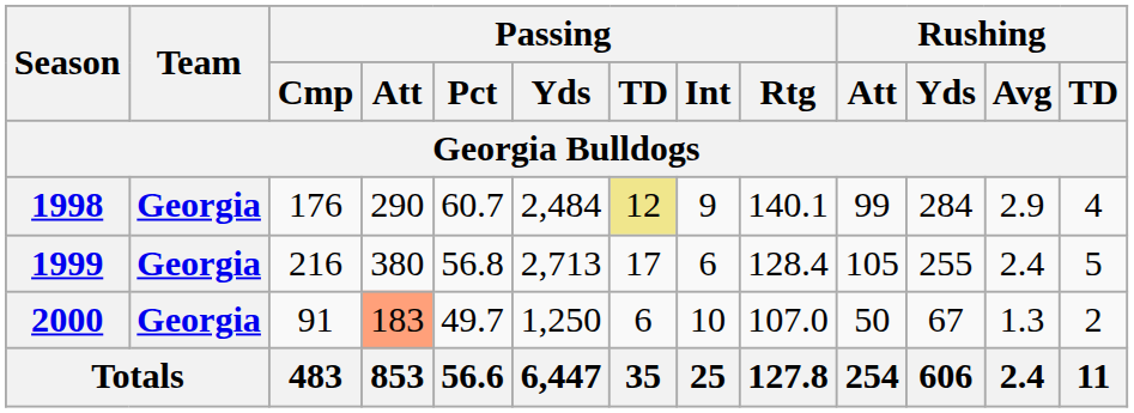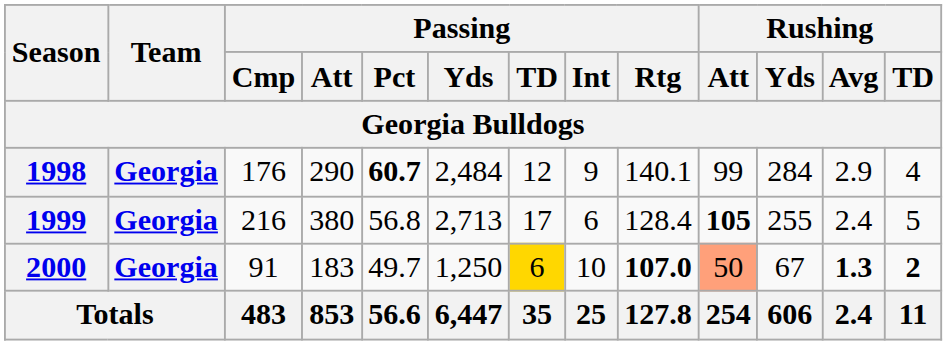 <table class=wikitable style="text-align:center;">
 <tr>
 <th rowspan="2">Season</th>
 <th rowspan="2">Team</th>
 <th colspan="7">Passing</th>
 <th colspan="4">Rushing</th>
 </tr>
 <tr>
 <th>Cmp</th>
 <th>Att</th>
 <th>Pct</th>
 <th>Yds</th>
 <th>TD</th>
 <th>Int</th>
 <th>Rtg</th>
 <th>Att</th>
 <th>Yds</th>
 <th>Avg</th>
 <th>TD</th>
 </tr>
 <tr>
 <th colspan="16">Georgia Bulldogs</th>
 </tr>
 <tr>
 <th><a href='#'>1998</a></th>
 <th><a href='#'>Georgia</a></th>
 <td>176</td>
 <td>290</td>
-<td>60.7</td>
+<td><strong>60.7</strong></td>
 <td>2,484</td>
-<td style="background: khaki;">12</td>
+<td>12</td>
 <td>9</td>
 <td>140.1</td>
 <td>99</td>
 <td>284</td>
 <td>2.9</td>
 <td>4</td>
 </tr>
 <tr>
 <th><a href='#'>1999</a></th>
 <th><a href='#'>Georgia</a></th>
 <td>216</td>
 <td>380</td>
 <td>56.8</td>
 <td>2,713</td>
 <td>17</td>
 <td>6</td>
 <td>128.4</td>
-<td>105</td>
+<td><strong>105</strong></td>
 <td>255</td>
 <td>2.4</td>
 <td>5</td>
 </tr>
 <tr>
 <th><a href='#'>2000</a></th>
 <th><a href='#'>Georgia</a></th>
 <td>91</td>
-<td style="background: lightsalmon;">183</td>
+<td>183</td>
 <td>49.7</td>
 <td>1,250</td>
-<td>6</td>
+<td style="background: gold;">6</td>
 <td>10</td>
-<td>107.0</td>
-<td>50</td>
+<td><strong>107.0</strong></td>
+<td style="background: lightsalmon;">50</td>
 <td>67</td>
-<td>1.3</td>
-<td>2</td>
+<td><strong>1.3</strong></td>
+<td><strong>2</strong></td>
 </tr>
 <tr>
 <th colspan="2">Totals</th>
 <th>483</th>
 <th>853</th>
 <th>56.6</th>
 <th>6,447</th>
 <th>35</th>
 <th>25</th>
 <th>127.8</th>
 <th>254</th>
 <th>606</th>
 <th>2.4</th>
 <th>11</th>
 </tr>
 </table>
